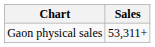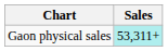 <table class="wikitable">
 <tr>
 <th>Chart</th>
 <th>Sales</th>
 </tr>
 <tr>
 <td>Gaon physical sales</td>
-<td align="center">53,311+</td>
+<td align="center" style="background: paleturquoise;">53,311+</td>
 </tr>
 </table>
